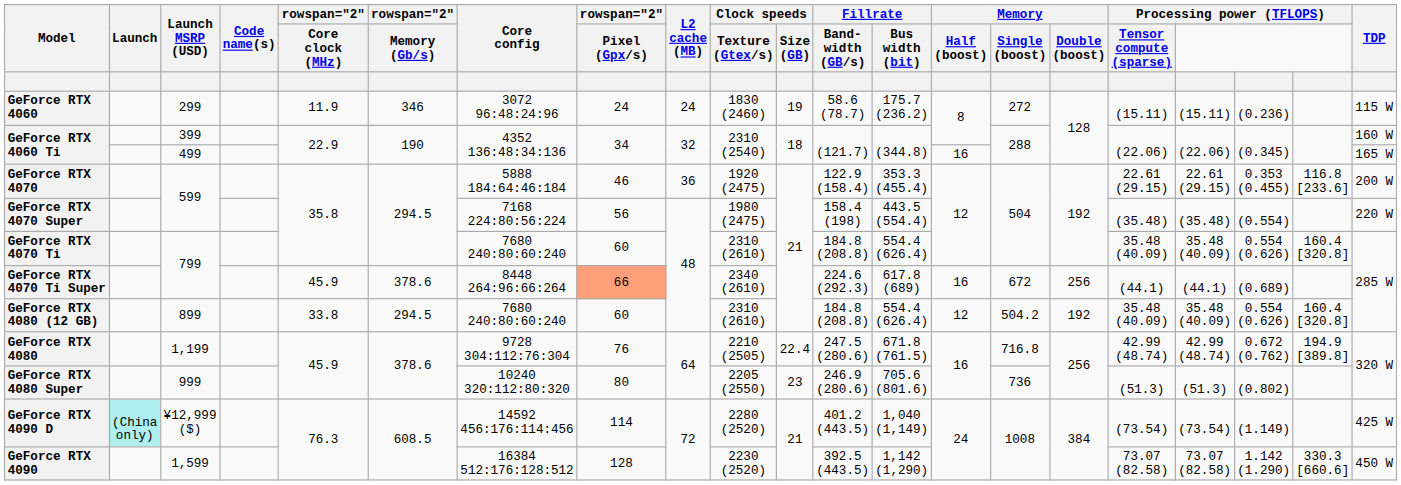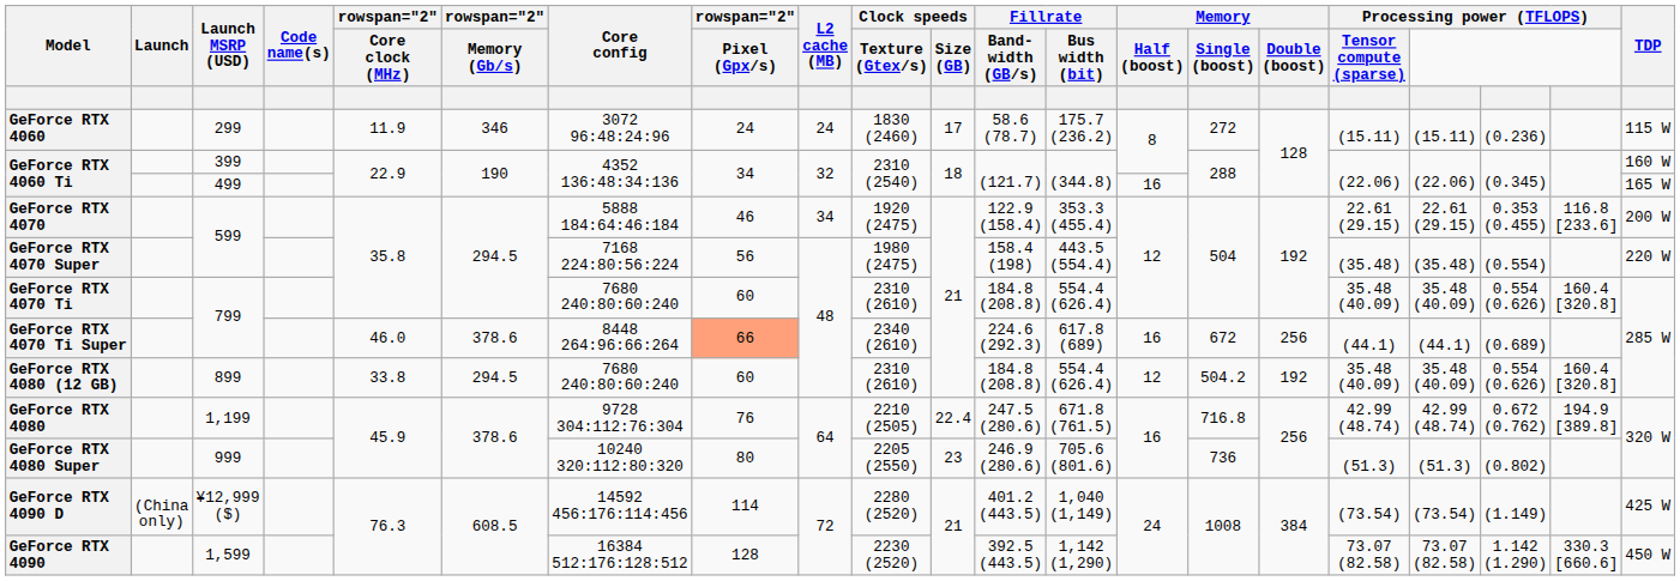 <table class="mw-datatable wikitable sortable" style="font-size:85%; text-align:center;">
 <tr>
 <th rowspan="2">Model</th>
 <th rowspan="2">Launch</th>
 <th rowspan="2">Launch<br><a href='#'>MSRP</a><br>(USD)</th>
 <th rowspan="2"><a href='#'>Code<br>name</a>(s)</th>
 <th>rowspan="2" </th>
 <th>rowspan="2" </th>
 <th rowspan="2">Core<br>config</th>
 <th>rowspan="2" </th>
 <th rowspan="2"><a href='#'>L2<br>cache</a><br>(<a href='#'>MB</a>)</th>
 <th colspan="2">Clock speeds</th>
 <th colspan="2"><a href='#'>Fillrate</a></th>
 <th colspan="3"><a href='#'>Memory</a></th>
 <th colspan="4">Processing power (<a href='#'>TFLOPS</a>)</th>
 <th rowspan="2"><a href='#'>TDP</a></th>
 </tr>
 <tr>
 <th>Core<br>clock<br>(<a href='#'>MHz</a>)</th>
 <th>Memory<br>(<a href='#'>Gb/s</a>)</th>
 <th>Pixel<br>(<a href='#'>Gpx</a>/s)</th>
 <th>Texture<br>(<a href='#'>Gtex</a>/s)</th>
 <th>Size<br>(<a href='#'>GB</a>)</th>
 <th>Band-<br>width<br>(<a href='#'>GB</a>/s)</th>
 <th>Bus<br>width<br>(<a href='#'>bit</a>)</th>
 <th><a href='#'>Half</a><br>(boost)</th>
 <th><a href='#'>Single</a><br>(boost)</th>
 <th><a href='#'>Double</a><br>(boost)</th>
 <th><a href='#'>Tensor</a><br><a href='#'>compute</a><br><a href='#'>(sparse)</a></th>
 </tr>
 <tr>
 <th style="background-position:center"><br></th>
 <th style="background-position:center"></th>
 <th style="background-position:center"></th>
 <th style="background-position:center"></th>
 <th style="background-position:center"></th>
 <th style="background-position:center"></th>
 <th style="background-position:center"></th>
 <th style="background-position:center"></th>
 <th style="background-position:center"></th>
 <th style="background-position:center"></th>
 <th style="background-position:center"></th>
 <th style="background-position:center"></th>
 <th style="background-position:center"></th>
 <th style="background-position:center"></th>
 <th style="background-position:center"></th>
 <th style="background-position:center"></th>
 <th style="background-position:center"></th>
 <th style="background-position:center"></th>
 <th style="background-position:center"></th>
 <th style="background-position:center"></th>
 <th style="background-position:center"></th>
 </tr>
 <tr>
 <th style="text-align:left;">GeForce RTX<br>4060</th>
 <td></td>
 <td>299</td>
 <td></td>
 <td>11.9</td>
 <td>346</td>
 <td>3072<br>96:48:24:96</td>
 <td>24</td>
 <td>24</td>
 <td>1830<br>(2460)</td>
-<td>19</td>
+<td>17</td>
 <td>58.6<br>(78.7)</td>
 <td>175.7<br>(236.2)</td>
 <td rowspan="2">8</td>
 <td>272</td>
 <td rowspan="3">128</td>
 <td><br>(15.11)</td>
 <td><br>(15.11)</td>
 <td><br>(0.236)</td>
 <td></td>
 <td>115 W</td>
 </tr>
 <tr>
 <th style="text-align:left;" rowspan="2">GeForce RTX<br>4060 Ti</th>
 <td></td>
 <td>399</td>
 <td></td>
 <td rowspan="2">22.9</td>
 <td rowspan="2">190</td>
 <td rowspan="2">4352<br>136:48:34:136</td>
 <td rowspan="2">34</td>
 <td rowspan="2">32</td>
 <td rowspan="2">2310<br>(2540)</td>
 <td rowspan="2">18</td>
 <td rowspan="2"><br>(121.7)</td>
 <td rowspan="2"><br>(344.8)</td>
 <td rowspan="2">288</td>
 <td rowspan="2"><br>(22.06)</td>
 <td rowspan="2"><br>(22.06)</td>
 <td rowspan="2"><br>(0.345)</td>
 <td rowspan="2"></td>
 <td>160 W</td>
 </tr>
 <tr>
 <td></td>
 <td>499</td>
 <td></td>
 <td>16</td>
 <td>165 W</td>
 </tr>
 <tr>
 <th style="text-align:left;">GeForce RTX<br>4070</th>
 <td></td>
 <td rowspan="2">599</td>
 <td></td>
 <td rowspan="3">35.8</td>
 <td rowspan="3">294.5</td>
 <td>5888<br>184:64:46:184</td>
 <td>46</td>
-<td>36</td>
+<td>34</td>
 <td>1920<br>(2475)</td>
 <td rowspan="5">21</td>
 <td>122.9<br>(158.4)</td>
 <td>353.3<br>(455.4)</td>
 <td rowspan="3">12</td>
 <td rowspan="3">504</td>
 <td rowspan="3">192</td>
 <td>22.61<br>(29.15)</td>
 <td>22.61<br>(29.15)</td>
 <td>0.353<br>(0.455)</td>
 <td>116.8<br>[233.6]</td>
 <td>200 W</td>
 </tr>
 <tr>
 <th style="text-align:left;">GeForce RTX<br>4070 Super</th>
 <td></td>
 <td></td>
 <td>7168<br>224:80:56:224</td>
 <td>56</td>
 <td rowspan="4">48</td>
 <td>1980<br>(2475)</td>
 <td>158.4<br>(198)</td>
 <td>443.5<br>(554.4)</td>
 <td><br>(35.48)</td>
 <td><br>(35.48)</td>
 <td><br>(0.554)</td>
 <td></td>
 <td>220 W</td>
 </tr>
 <tr>
 <th style="text-align:left;">GeForce RTX<br>4070 Ti</th>
 <td></td>
 <td rowspan="2">799</td>
 <td></td>
 <td>7680 <br> 240:80:60:240</td>
 <td>60</td>
 <td>2310<br>(2610)</td>
 <td>184.8<br>(208.8)</td>
 <td>554.4<br>(626.4)</td>
 <td>35.48<br>(40.09)</td>
 <td>35.48<br>(40.09)</td>
 <td>0.554<br>(0.626)</td>
 <td>160.4<br>[320.8]</td>
 <td rowspan="3">285 W</td>
 </tr>
 <tr>
 <th style="text-align:left;">GeForce RTX<br>4070 Ti Super</th>
 <td></td>
 <td></td>
-<td>45.9</td>
+<td>46.0</td>
 <td>378.6</td>
 <td>8448<br>264:96:66:264</td>
 <td style="background: lightsalmon;">66</td>
 <td>2340<br>(2610)</td>
 <td>224.6<br>(292.3)</td>
 <td>617.8<br>(689)</td>
 <td>16</td>
 <td>672</td>
 <td>256</td>
 <td><br>(44.1)</td>
 <td><br>(44.1)</td>
 <td><br>(0.689)</td>
 <td></td>
 </tr>
 <tr>
 <th style="text-align:left;">GeForce RTX<br>4080 (12 GB)</th>
 <td></td>
 <td>899</td>
 <td></td>
 <td>33.8</td>
 <td>294.5</td>
 <td>7680 <br> 240:80:60:240</td>
 <td>60</td>
 <td>2310<br>(2610)</td>
 <td>184.8<br>(208.8)</td>
 <td>554.4<br>(626.4)</td>
 <td>12</td>
 <td>504.2</td>
 <td>192</td>
 <td>35.48<br>(40.09)</td>
 <td>35.48<br>(40.09)</td>
 <td>0.554<br>(0.626)</td>
 <td>160.4<br>[320.8]</td>
 </tr>
 <tr>
 <th style="text-align:left;">GeForce RTX<br>4080</th>
 <td></td>
 <td>1,199</td>
 <td></td>
 <td rowspan="2">45.9</td>
 <td rowspan="2">378.6</td>
 <td>9728<br>304:112:76:304</td>
 <td>76</td>
 <td rowspan="2">64</td>
 <td>2210<br>(2505)</td>
 <td>22.4</td>
 <td>247.5<br>(280.6)</td>
 <td>671.8<br>(761.5)</td>
 <td rowspan="2">16</td>
 <td>716.8</td>
 <td rowspan="2">256</td>
 <td>42.99<br>(48.74)</td>
 <td>42.99<br>(48.74)</td>
 <td>0.672<br>(0.762)</td>
 <td>194.9<br>[389.8]</td>
 <td rowspan="2">320 W</td>
 </tr>
 <tr>
 <th style="text-align:left;">GeForce RTX<br>4080 Super</th>
 <td></td>
 <td>999</td>
 <td></td>
 <td>10240<br>320:112:80:320</td>
 <td>80</td>
 <td>2205<br>(2550)</td>
 <td>23</td>
 <td>246.9<br>(280.6)</td>
 <td>705.6<br>(801.6)</td>
 <td>736</td>
 <td><br>(51.3)</td>
 <td><br>(51.3)</td>
 <td><br>(0.802)</td>
 <td></td>
 </tr>
 <tr>
 <th style="text-align:left;">GeForce RTX<br>4090 D</th>
-<td style="background: paleturquoise;"><br>(China only)</td>
+<td><br>(China only)</td>
 <td>¥12,999<br>($)</td>
 <td></td>
 <td rowspan="2">76.3</td>
 <td rowspan="2">608.5</td>
 <td>14592<br>456:176:114:456</td>
 <td>114</td>
 <td rowspan="2">72</td>
 <td>2280<br>(2520)</td>
 <td rowspan="2">21</td>
 <td>401.2<br>(443.5)</td>
 <td>1,040<br>(1,149)</td>
 <td rowspan="2">24</td>
 <td rowspan="2">1008</td>
 <td rowspan="2">384</td>
 <td><br>(73.54)</td>
 <td><br>(73.54)</td>
 <td><br>(1.149)</td>
 <td></td>
 <td>425 W</td>
 </tr>
 <tr>
 <th style="text-align:left;">GeForce RTX<br>4090</th>
 <td></td>
 <td>1,599</td>
 <td></td>
 <td>16384<br>512:176:128:512</td>
 <td>128</td>
 <td>2230<br>(2520)</td>
 <td>392.5<br>(443.5)</td>
 <td>1,142<br>(1,290)</td>
 <td>73.07<br>(82.58)</td>
 <td>73.07<br>(82.58)</td>
 <td>1.142<br>(1.290)</td>
 <td>330.3<br>[660.6]</td>
 <td>450 W</td>
 </tr>
 </table>
